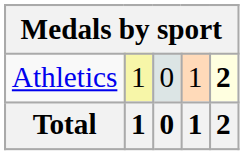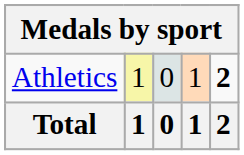 <table class="wikitable" style="font-size:90%; text-align:center;">
 <tr>
 <th colspan="5">Medals by sport</th>
 </tr>
 <tr>
 <td align="left"><a href='#'>Athletics</a></td>
 <td style="background:#F7F6A8;">1</td>
 <td style="background:#DCE5E5;">0</td>
 <td style="background:#FFDAB9;">1</td>
-<td style="background: lightyellow;"><strong>2</strong></td>
+<td><strong>2</strong></td>
 </tr>
 <tr class="sortbottom">
 <th>Total</th>
 <th>1</th>
 <th>0</th>
 <th>1</th>
 <th>2</th>
 </tr>
 </table>
